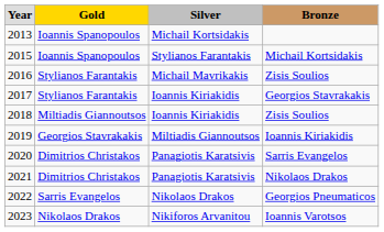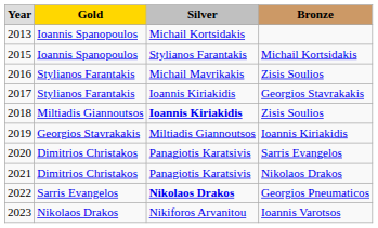 <table class="wikitable sortable alternance" style="font-size:95%">
 <tr style="text-align:center; background:#e4e4e4; font-weight:bold;">
 <td style="background:#ddd; ">Year</td>
 <td style="background:gold; ">Gold</td>
 <td style="background:silver; ">Silver</td>
 <td style="background:#c96; ">Bronze</td>
 </tr>
 <tr>
 <td>2013</td>
 <td><a href='#'>Ioannis Spanopoulos</a></td>
 <td><a href='#'>Michail Kortsidakis</a></td>
 <td></td>
 </tr>
 <tr>
 <td>2015</td>
 <td><a href='#'>Ioannis Spanopoulos</a></td>
 <td><a href='#'>Stylianos Farantakis</a></td>
 <td><a href='#'>Michail Kortsidakis</a></td>
 </tr>
 <tr>
 <td>2016</td>
 <td><a href='#'>Stylianos Farantakis</a></td>
 <td><a href='#'>Michail Mavrikakis</a></td>
 <td><a href='#'>Zisis Soulios</a></td>
 </tr>
 <tr>
 <td>2017</td>
 <td><a href='#'>Stylianos Farantakis</a></td>
 <td><a href='#'>Ioannis Kiriakidis</a></td>
 <td><a href='#'>Georgios Stavrakakis</a></td>
 </tr>
 <tr>
 <td>2018</td>
 <td><a href='#'>Miltiadis Giannoutsos</a></td>
-<td><a href='#'>Ioannis Kiriakidis</a></td>
+<td><strong><a href='#'>Ioannis Kiriakidis</a></strong></td>
 <td><a href='#'>Zisis Soulios</a></td>
 </tr>
 <tr>
 <td>2019</td>
 <td><a href='#'>Georgios Stavrakakis</a></td>
 <td><a href='#'>Miltiadis Giannoutsos</a></td>
 <td><a href='#'>Ioannis Kiriakidis</a></td>
 </tr>
 <tr>
 <td>2020</td>
 <td><a href='#'>Dimitrios Christakos</a></td>
 <td><a href='#'>Panagiotis Karatsivis</a></td>
 <td><a href='#'>Sarris Evangelos</a></td>
 </tr>
 <tr>
 <td>2021</td>
 <td><a href='#'>Dimitrios Christakos</a></td>
 <td><a href='#'>Panagiotis Karatsivis</a></td>
 <td><a href='#'>Nikolaos Drakos</a></td>
 </tr>
 <tr>
 <td>2022</td>
 <td><a href='#'>Sarris Evangelos</a></td>
-<td><a href='#'>Nikolaos Drakos</a></td>
+<td><strong><a href='#'>Nikolaos Drakos</a></strong></td>
 <td><a href='#'>Georgios Pneumaticos</a></td>
 </tr>
 <tr>
 <td>2023</td>
 <td><a href='#'>Nikolaos Drakos</a></td>
 <td><a href='#'>Nikiforos Arvanitou</a></td>
 <td><a href='#'>Ioannis Varotsos</a></td>
 </tr>
 </table>
